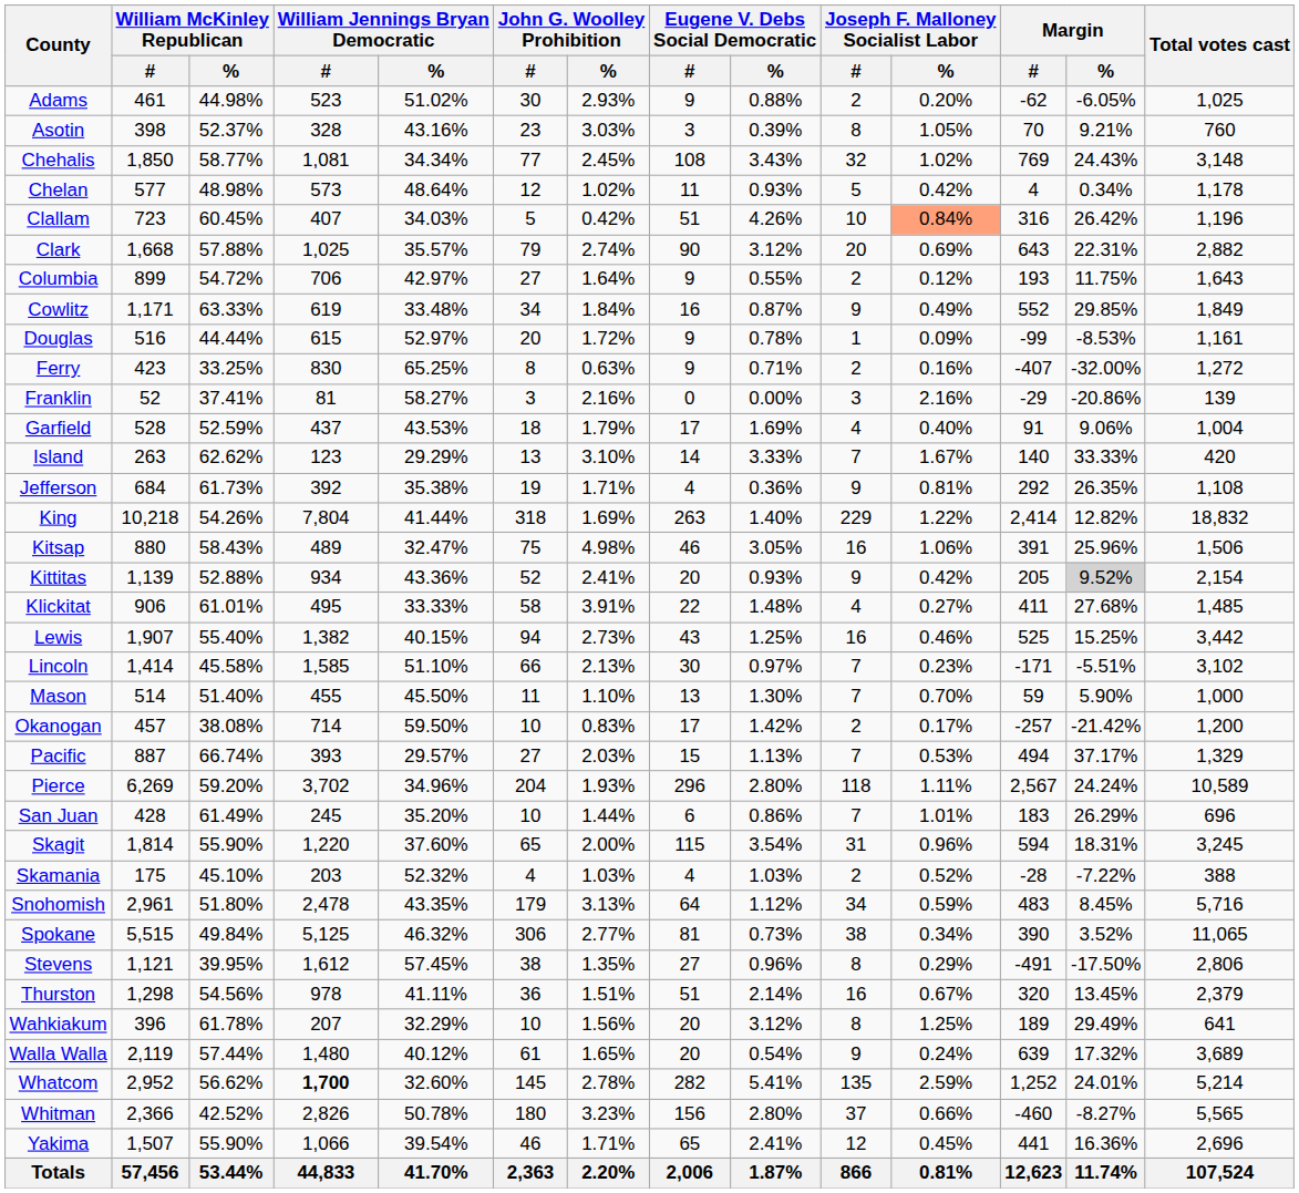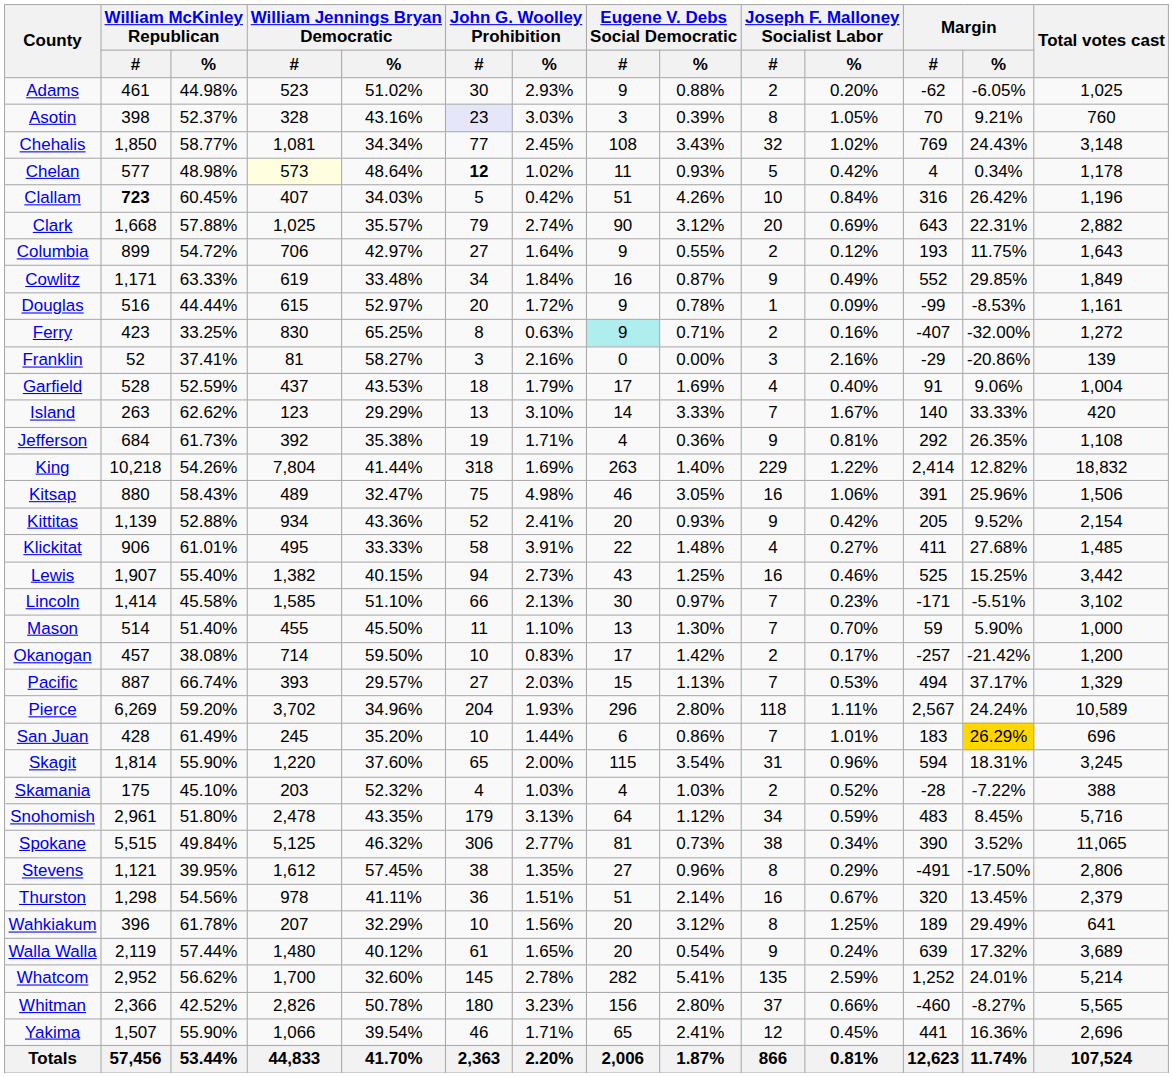 <table class="wikitable sortable">
 <tr>
 <th style="text-align:center;" rowspan="2">County</th>
 <th style="text-align:center;" colspan="2"><a href='#'>William McKinley</a><br>Republican</th>
 <th style="text-align:center;" colspan="2"><a href='#'>William Jennings Bryan</a><br>Democratic</th>
 <th style="text-align:center;" colspan="2"><a href='#'>John G. Woolley</a><br>Prohibition</th>
 <th style="text-align:center;" colspan="2"><a href='#'>Eugene V. Debs</a><br>Social Democratic</th>
 <th style="text-align:center;" colspan="2"><a href='#'>Joseph F. Malloney</a><br>Socialist Labor</th>
 <th style="text-align:center;" colspan="2">Margin</th>
 <th style="text-align:center;" rowspan="2">Total votes cast</th>
 </tr>
 <tr bgcolor="lightgrey">
 <th style="text-align:center;" data-sort-type="number">#</th>
 <th style="text-align:center;" data-sort-type="number">%</th>
 <th style="text-align:center;" data-sort-type="number">#</th>
 <th style="text-align:center;" data-sort-type="number">%</th>
 <th style="text-align:center;" data-sort-type="number">#</th>
 <th style="text-align:center;" data-sort-type="number">%</th>
 <th style="text-align:center;" data-sort-type="number">#</th>
 <th style="text-align:center;" data-sort-type="number">%</th>
 <th style="text-align:center;" data-sort-type="number">#</th>
 <th style="text-align:center;" data-sort-type="number">%</th>
 <th style="text-align:center;" data-sort-type="number">#</th>
 <th style="text-align:center;" data-sort-type="number">%</th>
 </tr>
 <tr style="text-align:center;">
 <td><a href='#'>Adams</a></td>
 <td>461</td>
 <td>44.98%</td>
 <td>523</td>
 <td>51.02%</td>
 <td>30</td>
 <td>2.93%</td>
 <td>9</td>
 <td>0.88%</td>
 <td>2</td>
 <td>0.20%</td>
 <td>-62</td>
 <td>-6.05%</td>
 <td>1,025</td>
 </tr>
 <tr style="text-align:center;">
 <td><a href='#'>Asotin</a></td>
 <td>398</td>
 <td>52.37%</td>
 <td>328</td>
 <td>43.16%</td>
-<td>23</td>
+<td style="background: lavender;">23</td>
 <td>3.03%</td>
 <td>3</td>
 <td>0.39%</td>
 <td>8</td>
 <td>1.05%</td>
 <td>70</td>
 <td>9.21%</td>
 <td>760</td>
 </tr>
 <tr style="text-align:center;">
 <td><a href='#'>Chehalis</a></td>
 <td>1,850</td>
 <td>58.77%</td>
 <td>1,081</td>
 <td>34.34%</td>
 <td>77</td>
 <td>2.45%</td>
 <td>108</td>
 <td>3.43%</td>
 <td>32</td>
 <td>1.02%</td>
 <td>769</td>
 <td>24.43%</td>
 <td>3,148</td>
 </tr>
 <tr style="text-align:center;">
 <td><a href='#'>Chelan</a></td>
 <td>577</td>
 <td>48.98%</td>
-<td>573</td>
+<td style="background: lightyellow;">573</td>
 <td>48.64%</td>
-<td>12</td>
+<td><strong>12</strong></td>
 <td>1.02%</td>
 <td>11</td>
 <td>0.93%</td>
 <td>5</td>
 <td>0.42%</td>
 <td>4</td>
 <td>0.34%</td>
 <td>1,178</td>
 </tr>
 <tr style="text-align:center;">
 <td><a href='#'>Clallam</a></td>
-<td>723</td>
+<td><strong>723</strong></td>
 <td>60.45%</td>
 <td>407</td>
 <td>34.03%</td>
 <td>5</td>
 <td>0.42%</td>
 <td>51</td>
 <td>4.26%</td>
 <td>10</td>
-<td style="background: lightsalmon;">0.84%</td>
+<td>0.84%</td>
 <td>316</td>
 <td>26.42%</td>
 <td>1,196</td>
 </tr>
 <tr style="text-align:center;">
 <td><a href='#'>Clark</a></td>
 <td>1,668</td>
 <td>57.88%</td>
 <td>1,025</td>
 <td>35.57%</td>
 <td>79</td>
 <td>2.74%</td>
 <td>90</td>
 <td>3.12%</td>
 <td>20</td>
 <td>0.69%</td>
 <td>643</td>
 <td>22.31%</td>
 <td>2,882</td>
 </tr>
 <tr style="text-align:center;">
 <td><a href='#'>Columbia</a></td>
 <td>899</td>
 <td>54.72%</td>
 <td>706</td>
 <td>42.97%</td>
 <td>27</td>
 <td>1.64%</td>
 <td>9</td>
 <td>0.55%</td>
 <td>2</td>
 <td>0.12%</td>
 <td>193</td>
 <td>11.75%</td>
 <td>1,643</td>
 </tr>
 <tr style="text-align:center;">
 <td><a href='#'>Cowlitz</a></td>
 <td>1,171</td>
 <td>63.33%</td>
 <td>619</td>
 <td>33.48%</td>
 <td>34</td>
 <td>1.84%</td>
 <td>16</td>
 <td>0.87%</td>
 <td>9</td>
 <td>0.49%</td>
 <td>552</td>
 <td>29.85%</td>
 <td>1,849</td>
 </tr>
 <tr style="text-align:center;">
 <td><a href='#'>Douglas</a></td>
 <td>516</td>
 <td>44.44%</td>
 <td>615</td>
 <td>52.97%</td>
 <td>20</td>
 <td>1.72%</td>
 <td>9</td>
 <td>0.78%</td>
 <td>1</td>
 <td>0.09%</td>
 <td>-99</td>
 <td>-8.53%</td>
 <td>1,161</td>
 </tr>
 <tr style="text-align:center;">
 <td><a href='#'>Ferry</a></td>
 <td>423</td>
 <td>33.25%</td>
 <td>830</td>
 <td>65.25%</td>
 <td>8</td>
 <td>0.63%</td>
-<td>9</td>
+<td style="background: paleturquoise;">9</td>
 <td>0.71%</td>
 <td>2</td>
 <td>0.16%</td>
 <td>-407</td>
 <td>-32.00%</td>
 <td>1,272</td>
 </tr>
 <tr style="text-align:center;">
 <td><a href='#'>Franklin</a></td>
 <td>52</td>
 <td>37.41%</td>
 <td>81</td>
 <td>58.27%</td>
 <td>3</td>
 <td>2.16%</td>
 <td>0</td>
 <td>0.00%</td>
 <td>3</td>
 <td>2.16%</td>
 <td>-29</td>
 <td>-20.86%</td>
 <td>139</td>
 </tr>
 <tr style="text-align:center;">
 <td><a href='#'>Garfield</a></td>
 <td>528</td>
 <td>52.59%</td>
 <td>437</td>
 <td>43.53%</td>
 <td>18</td>
 <td>1.79%</td>
 <td>17</td>
 <td>1.69%</td>
 <td>4</td>
 <td>0.40%</td>
 <td>91</td>
 <td>9.06%</td>
 <td>1,004</td>
 </tr>
 <tr style="text-align:center;">
 <td><a href='#'>Island</a></td>
 <td>263</td>
 <td>62.62%</td>
 <td>123</td>
 <td>29.29%</td>
 <td>13</td>
 <td>3.10%</td>
 <td>14</td>
 <td>3.33%</td>
 <td>7</td>
 <td>1.67%</td>
 <td>140</td>
 <td>33.33%</td>
 <td>420</td>
 </tr>
 <tr style="text-align:center;">
 <td><a href='#'>Jefferson</a></td>
 <td>684</td>
 <td>61.73%</td>
 <td>392</td>
 <td>35.38%</td>
 <td>19</td>
 <td>1.71%</td>
 <td>4</td>
 <td>0.36%</td>
 <td>9</td>
 <td>0.81%</td>
 <td>292</td>
 <td>26.35%</td>
 <td>1,108</td>
 </tr>
 <tr style="text-align:center;">
 <td><a href='#'>King</a></td>
 <td>10,218</td>
 <td>54.26%</td>
 <td>7,804</td>
 <td>41.44%</td>
 <td>318</td>
 <td>1.69%</td>
 <td>263</td>
 <td>1.40%</td>
 <td>229</td>
 <td>1.22%</td>
 <td>2,414</td>
 <td>12.82%</td>
 <td>18,832</td>
 </tr>
 <tr style="text-align:center;">
 <td><a href='#'>Kitsap</a></td>
 <td>880</td>
 <td>58.43%</td>
 <td>489</td>
 <td>32.47%</td>
 <td>75</td>
 <td>4.98%</td>
 <td>46</td>
 <td>3.05%</td>
 <td>16</td>
 <td>1.06%</td>
 <td>391</td>
 <td>25.96%</td>
 <td>1,506</td>
 </tr>
 <tr style="text-align:center;">
 <td><a href='#'>Kittitas</a></td>
 <td>1,139</td>
 <td>52.88%</td>
 <td>934</td>
 <td>43.36%</td>
 <td>52</td>
 <td>2.41%</td>
 <td>20</td>
 <td>0.93%</td>
 <td>9</td>
 <td>0.42%</td>
 <td>205</td>
-<td style="background: lightgrey;">9.52%</td>
+<td>9.52%</td>
 <td>2,154</td>
 </tr>
 <tr style="text-align:center;">
 <td><a href='#'>Klickitat</a></td>
 <td>906</td>
 <td>61.01%</td>
 <td>495</td>
 <td>33.33%</td>
 <td>58</td>
 <td>3.91%</td>
 <td>22</td>
 <td>1.48%</td>
 <td>4</td>
 <td>0.27%</td>
 <td>411</td>
 <td>27.68%</td>
 <td>1,485</td>
 </tr>
 <tr style="text-align:center;">
 <td><a href='#'>Lewis</a></td>
 <td>1,907</td>
 <td>55.40%</td>
 <td>1,382</td>
 <td>40.15%</td>
 <td>94</td>
 <td>2.73%</td>
 <td>43</td>
 <td>1.25%</td>
 <td>16</td>
 <td>0.46%</td>
 <td>525</td>
 <td>15.25%</td>
 <td>3,442</td>
 </tr>
 <tr style="text-align:center;">
 <td><a href='#'>Lincoln</a></td>
 <td>1,414</td>
 <td>45.58%</td>
 <td>1,585</td>
 <td>51.10%</td>
 <td>66</td>
 <td>2.13%</td>
 <td>30</td>
 <td>0.97%</td>
 <td>7</td>
 <td>0.23%</td>
 <td>-171</td>
 <td>-5.51%</td>
 <td>3,102</td>
 </tr>
 <tr style="text-align:center;">
 <td><a href='#'>Mason</a></td>
 <td>514</td>
 <td>51.40%</td>
 <td>455</td>
 <td>45.50%</td>
 <td>11</td>
 <td>1.10%</td>
 <td>13</td>
 <td>1.30%</td>
 <td>7</td>
 <td>0.70%</td>
 <td>59</td>
 <td>5.90%</td>
 <td>1,000</td>
 </tr>
 <tr style="text-align:center;">
 <td><a href='#'>Okanogan</a></td>
 <td>457</td>
 <td>38.08%</td>
 <td>714</td>
 <td>59.50%</td>
 <td>10</td>
 <td>0.83%</td>
 <td>17</td>
 <td>1.42%</td>
 <td>2</td>
 <td>0.17%</td>
 <td>-257</td>
 <td>-21.42%</td>
 <td>1,200</td>
 </tr>
 <tr style="text-align:center;">
 <td><a href='#'>Pacific</a></td>
 <td>887</td>
 <td>66.74%</td>
 <td>393</td>
 <td>29.57%</td>
 <td>27</td>
 <td>2.03%</td>
 <td>15</td>
 <td>1.13%</td>
 <td>7</td>
 <td>0.53%</td>
 <td>494</td>
 <td>37.17%</td>
 <td>1,329</td>
 </tr>
 <tr style="text-align:center;">
 <td><a href='#'>Pierce</a></td>
 <td>6,269</td>
 <td>59.20%</td>
 <td>3,702</td>
 <td>34.96%</td>
 <td>204</td>
 <td>1.93%</td>
 <td>296</td>
 <td>2.80%</td>
 <td>118</td>
 <td>1.11%</td>
 <td>2,567</td>
 <td>24.24%</td>
 <td>10,589</td>
 </tr>
 <tr style="text-align:center;">
 <td><a href='#'>San Juan</a></td>
 <td>428</td>
 <td>61.49%</td>
 <td>245</td>
 <td>35.20%</td>
 <td>10</td>
 <td>1.44%</td>
 <td>6</td>
 <td>0.86%</td>
 <td>7</td>
 <td>1.01%</td>
 <td>183</td>
-<td>26.29%</td>
+<td style="background: gold;">26.29%</td>
 <td>696</td>
 </tr>
 <tr style="text-align:center;">
 <td><a href='#'>Skagit</a></td>
 <td>1,814</td>
 <td>55.90%</td>
 <td>1,220</td>
 <td>37.60%</td>
 <td>65</td>
 <td>2.00%</td>
 <td>115</td>
 <td>3.54%</td>
 <td>31</td>
 <td>0.96%</td>
 <td>594</td>
 <td>18.31%</td>
 <td>3,245</td>
 </tr>
 <tr style="text-align:center;">
 <td><a href='#'>Skamania</a></td>
 <td>175</td>
 <td>45.10%</td>
 <td>203</td>
 <td>52.32%</td>
 <td>4</td>
 <td>1.03%</td>
 <td>4</td>
 <td>1.03%</td>
 <td>2</td>
 <td>0.52%</td>
 <td>-28</td>
 <td>-7.22%</td>
 <td>388</td>
 </tr>
 <tr style="text-align:center;">
 <td><a href='#'>Snohomish</a></td>
 <td>2,961</td>
 <td>51.80%</td>
 <td>2,478</td>
 <td>43.35%</td>
 <td>179</td>
 <td>3.13%</td>
 <td>64</td>
 <td>1.12%</td>
 <td>34</td>
 <td>0.59%</td>
 <td>483</td>
 <td>8.45%</td>
 <td>5,716</td>
 </tr>
 <tr style="text-align:center;">
 <td><a href='#'>Spokane</a></td>
 <td>5,515</td>
 <td>49.84%</td>
 <td>5,125</td>
 <td>46.32%</td>
 <td>306</td>
 <td>2.77%</td>
 <td>81</td>
 <td>0.73%</td>
 <td>38</td>
 <td>0.34%</td>
 <td>390</td>
 <td>3.52%</td>
 <td>11,065</td>
 </tr>
 <tr style="text-align:center;">
 <td><a href='#'>Stevens</a></td>
 <td>1,121</td>
 <td>39.95%</td>
 <td>1,612</td>
 <td>57.45%</td>
 <td>38</td>
 <td>1.35%</td>
 <td>27</td>
 <td>0.96%</td>
 <td>8</td>
 <td>0.29%</td>
 <td>-491</td>
 <td>-17.50%</td>
 <td>2,806</td>
 </tr>
 <tr style="text-align:center;">
 <td><a href='#'>Thurston</a></td>
 <td>1,298</td>
 <td>54.56%</td>
 <td>978</td>
 <td>41.11%</td>
 <td>36</td>
 <td>1.51%</td>
 <td>51</td>
 <td>2.14%</td>
 <td>16</td>
 <td>0.67%</td>
 <td>320</td>
 <td>13.45%</td>
 <td>2,379</td>
 </tr>
 <tr style="text-align:center;">
 <td><a href='#'>Wahkiakum</a></td>
 <td>396</td>
 <td>61.78%</td>
 <td>207</td>
 <td>32.29%</td>
 <td>10</td>
 <td>1.56%</td>
 <td>20</td>
 <td>3.12%</td>
 <td>8</td>
 <td>1.25%</td>
 <td>189</td>
 <td>29.49%</td>
 <td>641</td>
 </tr>
 <tr style="text-align:center;">
 <td><a href='#'>Walla Walla</a></td>
 <td>2,119</td>
 <td>57.44%</td>
 <td>1,480</td>
 <td>40.12%</td>
 <td>61</td>
 <td>1.65%</td>
 <td>20</td>
 <td>0.54%</td>
 <td>9</td>
 <td>0.24%</td>
 <td>639</td>
 <td>17.32%</td>
 <td>3,689</td>
 </tr>
 <tr style="text-align:center;">
 <td><a href='#'>Whatcom</a></td>
 <td>2,952</td>
 <td>56.62%</td>
-<td><strong>1,700</strong></td>
+<td>1,700</td>
 <td>32.60%</td>
 <td>145</td>
 <td>2.78%</td>
 <td>282</td>
 <td>5.41%</td>
 <td>135</td>
 <td>2.59%</td>
 <td>1,252</td>
 <td>24.01%</td>
 <td>5,214</td>
 </tr>
 <tr style="text-align:center;">
 <td><a href='#'>Whitman</a></td>
 <td>2,366</td>
 <td>42.52%</td>
 <td>2,826</td>
 <td>50.78%</td>
 <td>180</td>
 <td>3.23%</td>
 <td>156</td>
 <td>2.80%</td>
 <td>37</td>
 <td>0.66%</td>
 <td>-460</td>
 <td>-8.27%</td>
 <td>5,565</td>
 </tr>
 <tr style="text-align:center;">
 <td><a href='#'>Yakima</a></td>
 <td>1,507</td>
 <td>55.90%</td>
 <td>1,066</td>
 <td>39.54%</td>
 <td>46</td>
 <td>1.71%</td>
 <td>65</td>
 <td>2.41%</td>
 <td>12</td>
 <td>0.45%</td>
 <td>441</td>
 <td>16.36%</td>
 <td>2,696</td>
 </tr>
 <tr>
 <th>Totals</th>
 <th>57,456</th>
 <th>53.44%</th>
 <th>44,833</th>
 <th>41.70%</th>
 <th>2,363</th>
 <th>2.20%</th>
 <th>2,006</th>
 <th>1.87%</th>
 <th>866</th>
 <th>0.81%</th>
 <th>12,623</th>
 <th>11.74%</th>
 <th>107,524</th>
 </tr>
 </table>
